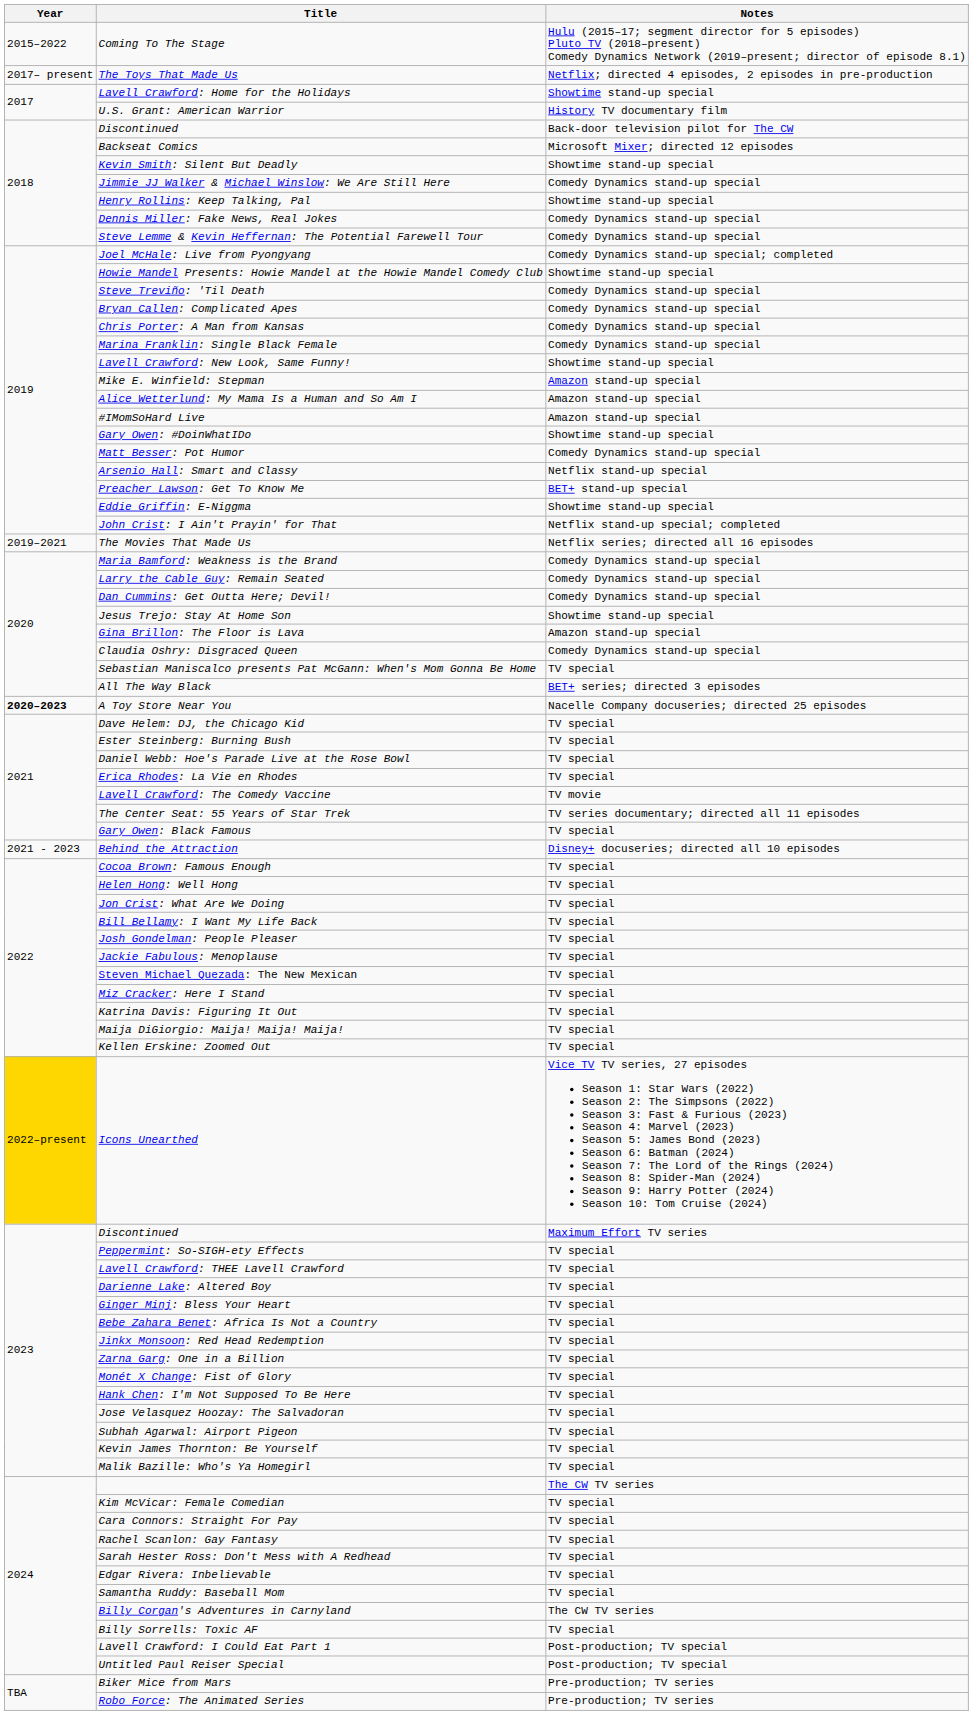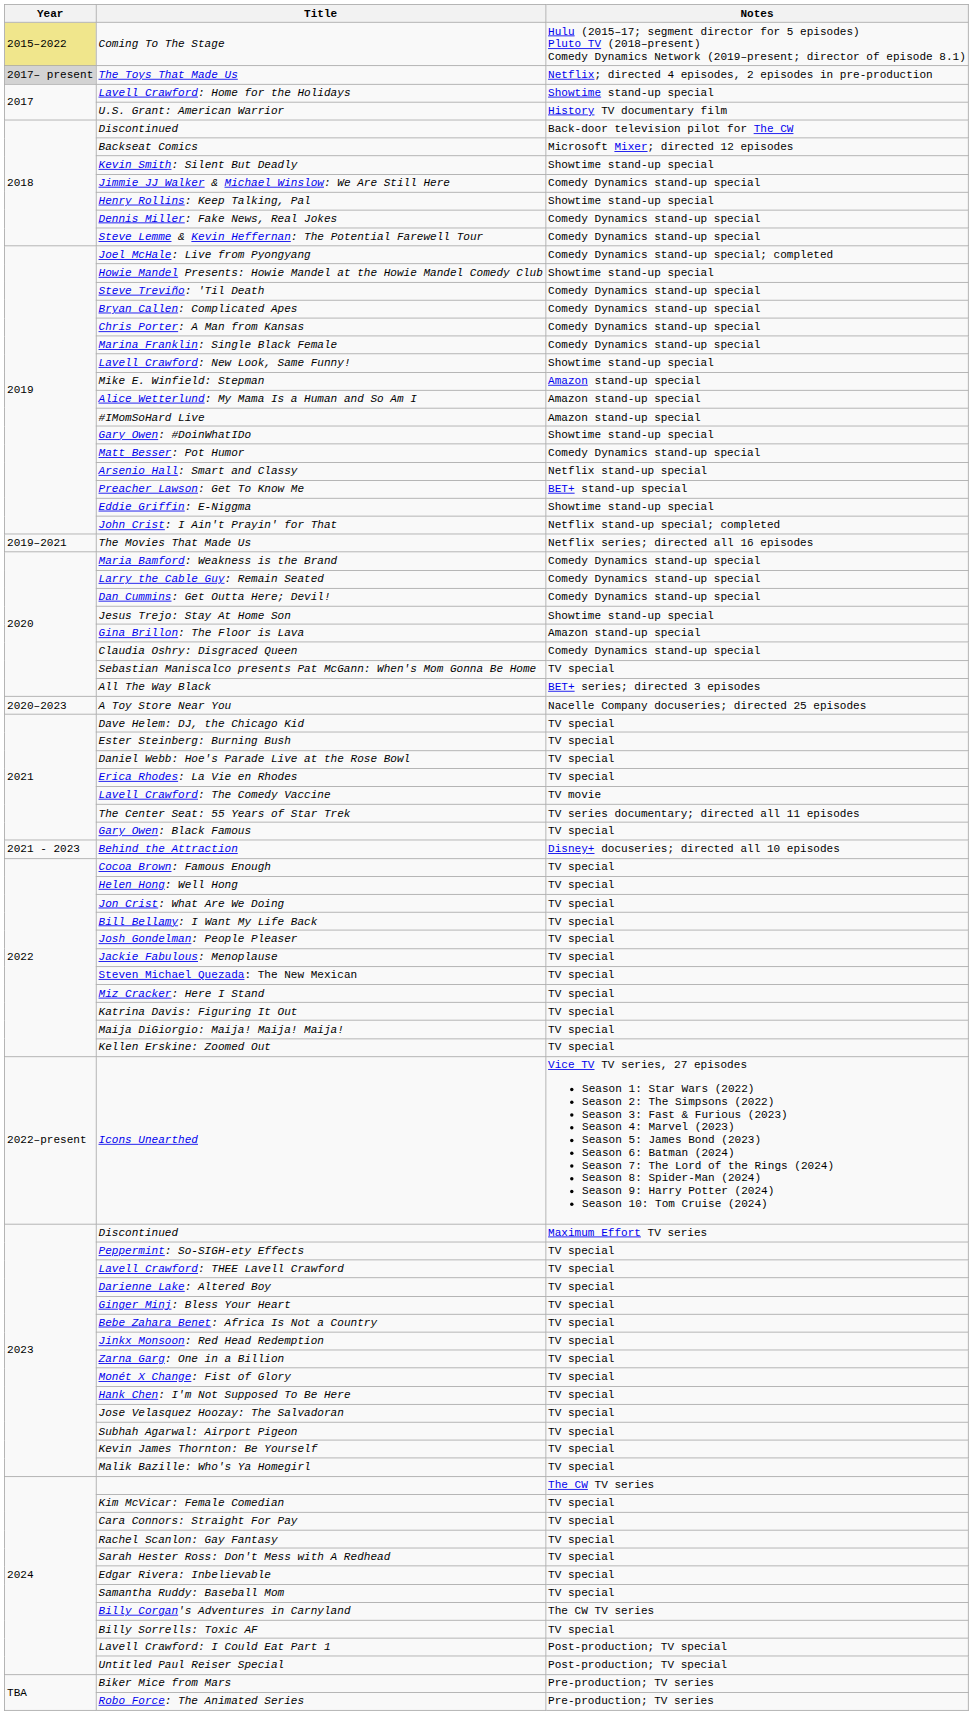 <table class="wikitable sortable">
 <tr>
 <th>Year</th>
 <th>Title</th>
 <th>Notes</th>
 </tr>
 <tr>
-<td>2015–2022</td>
+<td style="background: khaki;">2015–2022</td>
 <td><em>Coming To The Stage</em></td>
 <td><a href='#'>Hulu</a> (2015–17; segment director for 5 episodes)<br><a href='#'>Pluto TV</a> (2018–present)<br>Comedy Dynamics Network (2019–present; director of episode 8.1)</td>
 </tr>
 <tr>
-<td>2017– present</td>
+<td style="background: lightgrey;">2017– present</td>
 <td><em><a href='#'>The Toys That Made Us</a></em></td>
 <td><a href='#'>Netflix</a>; directed 4 episodes, 2 episodes in pre-production</td>
 </tr>
 <tr>
 <td rowspan="2">2017</td>
 <td><em><a href='#'>Lavell Crawford</a>: Home for the Holidays</em></td>
 <td><a href='#'>Showtime</a> stand-up special</td>
 </tr>
 <tr>
 <td><em>U.S. Grant: American Warrior</em></td>
 <td><a href='#'>History</a> TV documentary film</td>
 </tr>
 <tr>
 <td rowspan="7">2018</td>
 <td><em>Discontinued</em></td>
 <td>Back-door television pilot for <a href='#'>The CW</a></td>
 </tr>
 <tr>
 <td><em>Backseat Comics</em></td>
 <td>Microsoft <a href='#'>Mixer</a>; directed 12 episodes</td>
 </tr>
 <tr>
 <td><em><a href='#'>Kevin Smith</a>: Silent But Deadly</em></td>
 <td>Showtime stand-up special</td>
 </tr>
 <tr>
 <td><em><a href='#'>Jimmie JJ Walker</a> & <a href='#'>Michael Winslow</a>: We Are Still Here</em></td>
 <td>Comedy Dynamics stand-up special</td>
 </tr>
 <tr>
 <td><em><a href='#'>Henry Rollins</a>: Keep Talking, Pal</em></td>
 <td>Showtime stand-up special</td>
 </tr>
 <tr>
 <td><em><a href='#'>Dennis Miller</a>: Fake News, Real Jokes</em></td>
 <td>Comedy Dynamics stand-up special</td>
 </tr>
 <tr>
 <td><em><a href='#'>Steve Lemme</a> & <a href='#'>Kevin Heffernan</a>: The Potential Farewell Tour</em></td>
 <td>Comedy Dynamics stand-up special</td>
 </tr>
 <tr>
 <td rowspan="16">2019</td>
 <td><em><a href='#'>Joel McHale</a>: Live from Pyongyang</em></td>
 <td>Comedy Dynamics stand-up special; completed</td>
 </tr>
 <tr>
 <td><em><a href='#'>Howie Mandel</a> Presents: Howie Mandel at the Howie Mandel Comedy Club</em></td>
 <td>Showtime stand-up special</td>
 </tr>
 <tr>
 <td><em><a href='#'>Steve Treviño</a>: 'Til Death</em></td>
 <td>Comedy Dynamics stand-up special</td>
 </tr>
 <tr>
 <td><em><a href='#'>Bryan Callen</a>: Complicated Apes</em></td>
 <td>Comedy Dynamics stand-up special</td>
 </tr>
 <tr>
 <td><em><a href='#'>Chris Porter</a>: A Man from Kansas</em></td>
 <td>Comedy Dynamics stand-up special</td>
 </tr>
 <tr>
 <td><em><a href='#'>Marina Franklin</a>: Single Black Female</em></td>
 <td>Comedy Dynamics stand-up special</td>
 </tr>
 <tr>
 <td><em><a href='#'>Lavell Crawford</a>: New Look, Same Funny!</em></td>
 <td>Showtime stand-up special</td>
 </tr>
 <tr>
 <td><em>Mike E. Winfield: Stepman</em></td>
 <td><a href='#'>Amazon</a> stand-up special</td>
 </tr>
 <tr>
 <td><em><a href='#'>Alice Wetterlund</a>: My Mama Is a Human and So Am I</em></td>
 <td>Amazon stand-up special</td>
 </tr>
 <tr>
 <td><em>#IMomSoHard Live</em></td>
 <td>Amazon stand-up special</td>
 </tr>
 <tr>
 <td><em><a href='#'>Gary Owen</a>: #DoinWhatIDo</em></td>
 <td>Showtime stand-up special</td>
 </tr>
 <tr>
 <td><em><a href='#'>Matt Besser</a>: Pot Humor</em></td>
 <td>Comedy Dynamics stand-up special</td>
 </tr>
 <tr>
 <td><em><a href='#'>Arsenio Hall</a>: Smart and Classy</em></td>
 <td>Netflix stand-up special</td>
 </tr>
 <tr>
 <td><em><a href='#'>Preacher Lawson</a>: Get To Know Me</em></td>
 <td><a href='#'>BET+</a> stand-up special</td>
 </tr>
 <tr>
 <td><em><a href='#'>Eddie Griffin</a>: E-Niggma</em></td>
 <td>Showtime stand-up special</td>
 </tr>
 <tr>
 <td><em><a href='#'>John Crist</a>: I Ain't Prayin' for That</em></td>
 <td>Netflix stand-up special; completed</td>
 </tr>
 <tr>
 <td>2019–2021</td>
 <td><em>The Movies That Made Us</em></td>
 <td>Netflix series; directed all 16 episodes</td>
 </tr>
 <tr>
 <td rowspan="8">2020</td>
 <td><em><a href='#'>Maria Bamford</a>: Weakness is the Brand</em></td>
 <td>Comedy Dynamics stand-up special</td>
 </tr>
 <tr>
 <td><em><a href='#'>Larry the Cable Guy</a>: Remain Seated</em></td>
 <td>Comedy Dynamics stand-up special</td>
 </tr>
 <tr>
 <td><em><a href='#'>Dan Cummins</a>: Get Outta Here; Devil!</em></td>
 <td>Comedy Dynamics stand-up special</td>
 </tr>
 <tr>
 <td><em>Jesus Trejo: Stay At Home Son</em></td>
 <td>Showtime stand-up special</td>
 </tr>
 <tr>
 <td><em><a href='#'>Gina Brillon</a>: The Floor is Lava </em></td>
 <td>Amazon stand-up special</td>
 </tr>
 <tr>
 <td><em>Claudia Oshry: Disgraced Queen</em></td>
 <td>Comedy Dynamics stand-up special</td>
 </tr>
 <tr>
 <td><em>Sebastian Maniscalco presents Pat McGann: When's Mom Gonna Be Home</em></td>
 <td>TV special</td>
 </tr>
 <tr>
 <td><em>All The Way Black</em></td>
 <td><a href='#'>BET+</a> series; directed 3 episodes</td>
 </tr>
 <tr>
-<td><strong>2020–2023</strong></td>
+<td>2020–2023</td>
 <td><em>A Toy Store Near You</em></td>
 <td>Nacelle Company docuseries; directed 25 episodes</td>
 </tr>
 <tr>
 <td rowspan="7">2021</td>
 <td><em>Dave Helem: DJ, the Chicago Kid</em></td>
 <td>TV special</td>
 </tr>
 <tr>
 <td><em>Ester Steinberg: Burning Bush</em></td>
 <td>TV special</td>
 </tr>
 <tr>
 <td><em>Daniel Webb: Hoe's Parade Live at the Rose Bowl</em></td>
 <td>TV special</td>
 </tr>
 <tr>
 <td><em><a href='#'>Erica Rhodes</a>: La Vie en Rhodes</em></td>
 <td>TV special</td>
 </tr>
 <tr>
 <td><em><a href='#'>Lavell Crawford</a>: The Comedy Vaccine</em></td>
 <td>TV movie</td>
 </tr>
 <tr>
 <td><em>The Center Seat: 55 Years of Star Trek</em></td>
 <td>TV series documentary; directed all 11 episodes</td>
 </tr>
 <tr>
 <td><em><a href='#'>Gary Owen</a>: Black Famous</em></td>
 <td>TV special</td>
 </tr>
 <tr>
 <td>2021 - 2023</td>
 <td><em><a href='#'>Behind the Attraction</a></em></td>
 <td><a href='#'>Disney+</a> docuseries; directed all 10 episodes</td>
 </tr>
 <tr>
 <td rowspan="11">2022</td>
 <td><em><a href='#'>Cocoa Brown</a>: Famous Enough</em></td>
 <td>TV special</td>
 </tr>
 <tr>
 <td><em><a href='#'>Helen Hong</a>: Well Hong</em></td>
 <td>TV special</td>
 </tr>
 <tr>
 <td><em><a href='#'>Jon Crist</a>: What Are We Doing</em></td>
 <td>TV special</td>
 </tr>
 <tr>
 <td><em><a href='#'>Bill Bellamy</a>: I Want My Life Back</em></td>
 <td>TV special</td>
 </tr>
 <tr>
 <td><em><a href='#'>Josh Gondelman</a>: People Pleaser</em></td>
 <td>TV special</td>
 </tr>
 <tr>
 <td><em><a href='#'>Jackie Fabulous</a>: Menoplause</em></td>
 <td>TV special</td>
 </tr>
 <tr>
 <td><a href='#'>Steven Michael Quezada</a>: The New Mexican</td>
 <td>TV special</td>
 </tr>
 <tr>
 <td><em><a href='#'>Miz Cracker</a>: Here I Stand</em></td>
 <td>TV special</td>
 </tr>
 <tr>
 <td><em>Katrina Davis: Figuring It Out</em></td>
 <td>TV special</td>
 </tr>
 <tr>
 <td><em>Maija DiGiorgio: Maija! Maija! Maija!</em></td>
 <td>TV special</td>
 </tr>
 <tr>
 <td><em>Kellen Erskine: Zoomed Out</em></td>
 <td>TV special</td>
 </tr>
 <tr>
-<td style="background: gold;">2022–present</td>
+<td>2022–present</td>
 <td><em><a href='#'>Icons Unearthed</a></em></td>
 <td><a href='#'>Vice TV</a> TV series, 27 episodes<br><ul><li>Season 1: Star Wars (2022)</li><li>Season 2: The Simpsons (2022)</li><li>Season 3: Fast & Furious (2023)</li><li>Season 4: Marvel (2023)</li><li>Season 5: James Bond (2023)</li><li>Season 6: Batman (2024)</li><li>Season 7: The Lord of the Rings (2024)</li><li>Season 8: Spider-Man (2024)</li><li>Season 9: Harry Potter (2024)</li><li>Season 10: Tom Cruise (2024)</li></ul></td>
 </tr>
 <tr>
 <td rowspan="14">2023</td>
 <td><em>Discontinued</em></td>
 <td><a href='#'>Maximum Effort</a> TV series</td>
 </tr>
 <tr>
 <td><em><a href='#'>Peppermint</a>: So-SIGH-ety Effects</em></td>
 <td>TV special</td>
 </tr>
 <tr>
 <td><em><a href='#'>Lavell Crawford</a>: THEE Lavell Crawford</em></td>
 <td>TV special</td>
 </tr>
 <tr>
 <td><em><a href='#'>Darienne Lake</a>: Altered Boy</em></td>
 <td>TV special</td>
 </tr>
 <tr>
 <td><em><a href='#'>Ginger Minj</a>: Bless Your Heart</em></td>
 <td>TV special</td>
 </tr>
 <tr>
 <td><em><a href='#'>Bebe Zahara Benet</a>: Africa Is Not a Country</em></td>
 <td>TV special</td>
 </tr>
 <tr>
 <td><em><a href='#'>Jinkx Monsoon</a>: Red Head Redemption</em></td>
 <td>TV special</td>
 </tr>
 <tr>
 <td><em><a href='#'>Zarna Garg</a>: One in a Billion</em></td>
 <td>TV special</td>
 </tr>
 <tr>
 <td><em><a href='#'>Monét X Change</a>: Fist of Glory</em></td>
 <td>TV special</td>
 </tr>
 <tr>
 <td><em><a href='#'>Hank Chen</a>: I'm Not Supposed To Be Here</em></td>
 <td>TV special</td>
 </tr>
 <tr>
 <td><em>Jose Velasquez Hoozay: The Salvadoran</em></td>
 <td>TV special</td>
 </tr>
 <tr>
 <td><em>Subhah Agarwal: Airport Pigeon</em></td>
 <td>TV special</td>
 </tr>
 <tr>
 <td><em>Kevin James Thornton: Be Yourself</em></td>
 <td>TV special</td>
 </tr>
 <tr>
 <td><em>Malik Bazille: Who's Ya Homegirl</em></td>
 <td>TV special</td>
 </tr>
 <tr>
 <td rowspan="11">2024</td>
 <td><em></em></td>
 <td><a href='#'>The CW</a> TV series</td>
 </tr>
 <tr>
 <td><em>Kim McVicar: Female Comedian</em></td>
 <td>TV special</td>
 </tr>
 <tr>
 <td><em>Cara Connors: Straight For Pay</em></td>
 <td>TV special</td>
 </tr>
 <tr>
 <td><em>Rachel Scanlon: Gay Fantasy</em></td>
 <td>TV special</td>
 </tr>
 <tr>
 <td><em>Sarah Hester Ross: Don't Mess with A Redhead</em></td>
 <td>TV special</td>
 </tr>
 <tr>
 <td><em>Edgar Rivera: Inbelievable</em></td>
 <td>TV special</td>
 </tr>
 <tr>
 <td><em>Samantha Ruddy: Baseball Mom</em></td>
 <td>TV special</td>
 </tr>
 <tr>
 <td><em><a href='#'>Billy Corgan</a>'s Adventures in Carnyland</em></td>
 <td>The CW TV series</td>
 </tr>
 <tr>
 <td><em>Billy Sorrells: Toxic AF</em></td>
 <td>TV special</td>
 </tr>
 <tr>
 <td><em>Lavell Crawford: I Could Eat Part 1</em></td>
 <td>Post-production; TV special</td>
 </tr>
 <tr>
 <td><em>Untitled Paul Reiser Special</em></td>
 <td>Post-production; TV special</td>
 </tr>
 <tr>
 <td rowspan="2">TBA</td>
 <td><em>Biker Mice from Mars</em></td>
 <td>Pre-production; TV series</td>
 </tr>
 <tr>
 <td><em><a href='#'>Robo Force</a>: The Animated Series</em></td>
 <td>Pre-production; TV series</td>
 </tr>
 </table>
